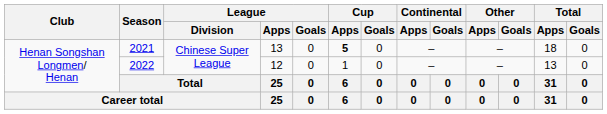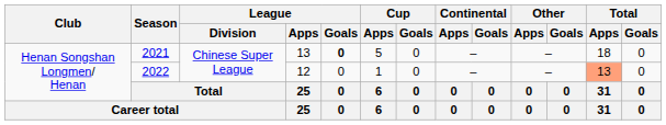 <table class="wikitable" style="text-align: center">
 <tr>
 <th rowspan="2">Club</th>
 <th rowspan="2">Season</th>
 <th colspan="3">League</th>
 <th colspan="2">Cup</th>
 <th colspan="2">Continental</th>
 <th colspan="2">Other</th>
 <th colspan="2">Total</th>
 </tr>
 <tr>
 <th>Division</th>
 <th>Apps</th>
 <th>Goals</th>
 <th>Apps</th>
 <th>Goals</th>
 <th>Apps</th>
 <th>Goals</th>
 <th>Apps</th>
 <th>Goals</th>
 <th>Apps</th>
 <th>Goals</th>
 </tr>
 <tr>
 <td rowspan=3><a href='#'>Henan Songshan Longmen</a>/<br><a href='#'>Henan</a></td>
 <td><a href='#'>2021</a></td>
 <td rowspan=2><a href='#'>Chinese Super League</a></td>
 <td>13</td>
-<td>0</td>
-<td><strong>5</strong></td>
+<td><strong>0</strong></td>
+<td>5</td>
 <td>0</td>
 <td colspan="2">–</td>
 <td colspan="2">–</td>
 <td>18</td>
 <td>0</td>
 </tr>
 <tr>
 <td><a href='#'>2022</a></td>
 <td>12</td>
 <td>0</td>
 <td>1</td>
 <td>0</td>
 <td colspan="2">–</td>
 <td colspan="2">–</td>
-<td>13</td>
+<td style="background: lightsalmon;">13</td>
 <td>0</td>
 </tr>
 <tr>
 <th colspan="2">Total</th>
 <th>25</th>
 <th>0</th>
 <th>6</th>
 <th>0</th>
 <th>0</th>
 <th>0</th>
 <th>0</th>
 <th>0</th>
 <th>31</th>
 <th>0</th>
 </tr>
 <tr>
 <th colspan=3>Career total</th>
 <th>25</th>
 <th>0</th>
 <th>6</th>
 <th>0</th>
 <th>0</th>
 <th>0</th>
 <th>0</th>
 <th>0</th>
 <th>31</th>
 <th>0</th>
 </tr>
 </table>
